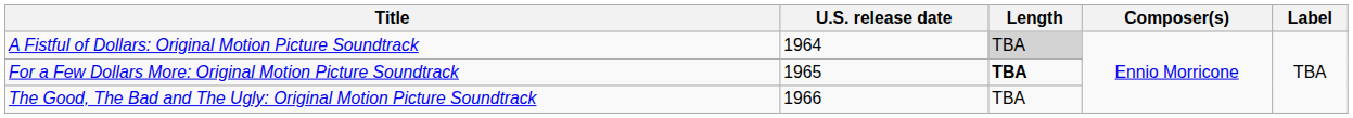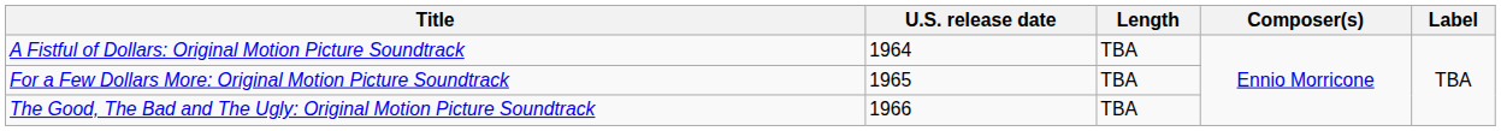 <table class="wikitable sortable" style="text-align:center; width:100%;">
 <tr>
 <th>Title</th>
 <th>U.S. release date</th>
 <th>Length</th>
 <th>Composer(s)</th>
 <th>Label</th>
 </tr>
 <tr>
 <td style="text-align:left"><em><a href='#'>A Fistful of Dollars: Original Motion Picture Soundtrack</a></em></td>
 <td style="text-align:left">1964</td>
-<td style="background: lightgrey; text-align:left">TBA</td>
+<td style="text-align:left">TBA</td>
 <td rowspan="3"><a href='#'>Ennio Morricone</a></td>
 <td rowspan="3">TBA</td>
 </tr>
 <tr>
 <td style="text-align:left"><em><a href='#'>For a Few Dollars More: Original Motion Picture Soundtrack</a></em></td>
 <td style="text-align:left">1965</td>
-<td style="text-align:left"><strong>TBA</strong></td>
+<td style="text-align:left">TBA</td>
 </tr>
 <tr>
 <td style="text-align:left"><em><a href='#'>The Good, The Bad and The Ugly: Original Motion Picture Soundtrack</a></em></td>
 <td style="text-align:left">1966</td>
 <td style="text-align:left">TBA</td>
 </tr>
 </table>
